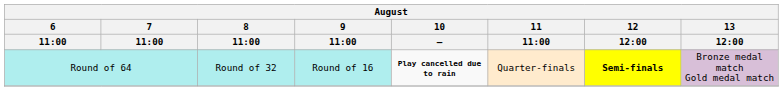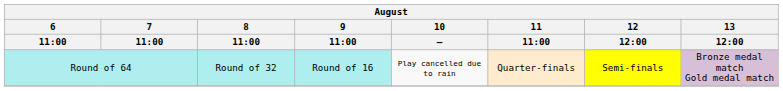 <table class="wikitable" style="text-align:center">
 <tr>
 <th colspan=8>August</th>
 </tr>
 <tr>
 <th width=130>6</th>
 <th width=130>7</th>
 <th width=130>8</th>
 <th width=130>9</th>
 <th width=130>10</th>
 <th width=130>11</th>
 <th width=130>12</th>
 <th width=130>13</th>
 </tr>
 <tr>
 <th>11:00</th>
 <th>11:00</th>
 <th>11:00</th>
 <th>11:00</th>
 <th>—</th>
 <th>11:00</th>
 <th>12:00</th>
 <th>12:00</th>
 </tr>
 <tr>
 <td colspan="2" bgcolor="#afeeee">Round of 64</td>
 <td bgcolor="#afeeee">Round of 32</td>
 <td bgcolor="#afeeee">Round of 16</td>
-<td><strong><small>Play cancelled due to rain</small></strong></td>
+<td><small>Play cancelled due to rain</small></td>
 <td bgcolor=#ffebcd>Quarter-finals</td>
-<td bgcolor=#FFFF00><strong>Semi-finals</strong></td>
+<td bgcolor=#FFFF00>Semi-finals</td>
 <td bgcolor=#D8BFD8>Bronze medal match<br>Gold medal match</td>
 </tr>
 <tr>
 </tr>
 </table>
